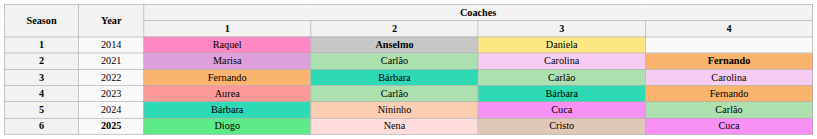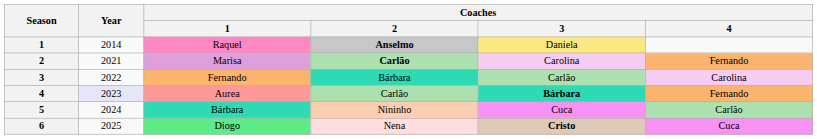 <table class="wikitable collapsible collapsed" style="text-align:center; width:100%">
 <tr>
 <th width="2%" rowspan="2">Season</th>
 <th width="2%" rowspan="2">Year</th>
 <th colspan="4">Coaches</th>
 </tr>
 <tr>
 <th width="6%">1</th>
 <th width="6%">2</th>
 <th width="6%">3</th>
 <th width="6%">4</th>
 </tr>
 <tr>
 <th>1</th>
 <td>2014</td>
 <td style="background:#FF87C3">Raquel</td>
 <td style="background:#c7c7c7"><strong>Anselmo</strong></td>
 <td style="background:#FCE883">Daniela</td>
 <td></td>
 </tr>
 <tr>
 <th>2</th>
 <td>2021</td>
 <td style="background:#dda0dd">Marisa</td>
-<td style="background:#ace1af">Carlão</td>
+<td style="background:#ace1af"><strong>Carlão</strong></td>
 <td style="background:#f7ccf2">Carolina</td>
-<td style="background:#fbb46e"><strong>Fernando</strong></td>
+<td style="background:#fbb46e">Fernando</td>
 </tr>
 <tr>
 <th>3</th>
 <td>2022</td>
 <td style="background:#fbb46e">Fernando</td>
 <td style="background:#2ddab4">Bárbara</td>
 <td style="background:#ace1af">Carlão</td>
 <td style="background:#f7ccf2">Carolina</td>
 </tr>
 <tr>
 <th>4</th>
-<td>2023</td>
+<td style="background: lavender;">2023</td>
 <td style="background:#ff9999">Aurea</td>
 <td style="background:#ace1af">Carlão</td>
-<td style="background:#2ddab4">Bárbara</td>
+<td style="background:#2ddab4"><strong>Bárbara</strong></td>
 <td style="background:#fbb46e">Fernando</td>
 </tr>
 <tr>
 <th>5</th>
 <td>2024</td>
 <td style="background:#2ddab4">Bárbara</td>
 <td style="background:#fbceb1">Nininho</td>
 <td style="background:#f791f3">Cuca</td>
 <td style="background:#ace1af">Carlão</td>
 </tr>
 <tr>
 <th>6</th>
-<td><strong>2025</strong></td>
+<td>2025</td>
 <td style="background:#5deb87">Diogo</td>
 <td style="background:#ffdddd">Nena</td>
-<td style="background:#dfc8b5">Cristo</td>
+<td style="background:#dfc8b5"><strong>Cristo</strong></td>
 <td style="background:#f791f3">Cuca</td>
 </tr>
 </table>
